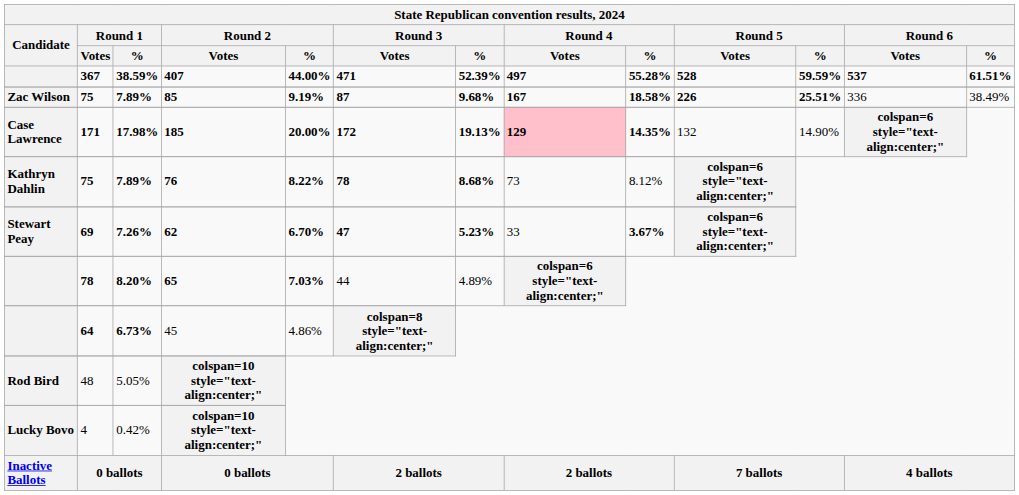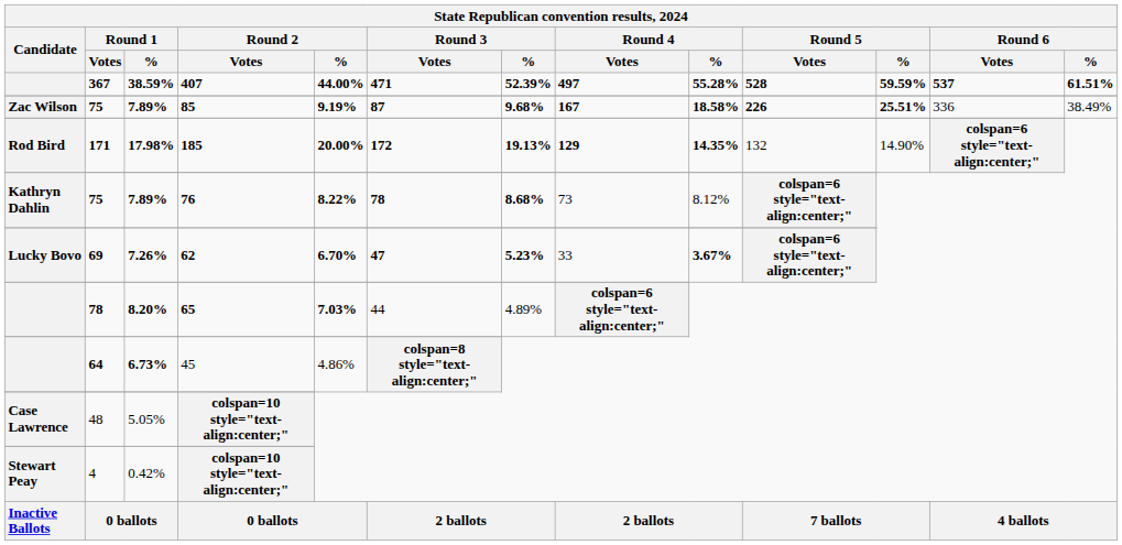 <table class="wikitable sortable">
 <tr>
 <th colspan="13">State Republican convention results, 2024</th>
 </tr>
 <tr style="background:#eee; text-align:center;">
 <th rowspan=2 style="text-align:center;">Candidate</th>
 <th colspan=2 style="text-align:center;">Round 1</th>
 <th colspan=2 style="text-align:center;">Round 2</th>
 <th colspan=2 style="text-align:center;">Round 3</th>
 <th colspan=2 style="text-align:center;">Round 4</th>
 <th colspan=2 style="text-align:center;">Round 5</th>
 <th colspan=2 style="text-align:center;">Round 6</th>
 </tr>
 <tr>
 <th>Votes</th>
 <th>%</th>
 <th>Votes</th>
 <th>%</th>
 <th>Votes</th>
 <th>%</th>
 <th>Votes</th>
 <th>%</th>
 <th>Votes</th>
 <th>%</th>
 <th>Votes</th>
 <th>%</th>
 </tr>
 <tr>
 <th scope="row" style="text-align:left;"></th>
 <td><strong>367</strong></td>
 <td><strong>38.59%</strong></td>
 <td><strong>407</strong></td>
 <td><strong>44.00%</strong></td>
 <td><strong>471</strong></td>
 <td><strong>52.39%</strong></td>
 <td><strong>497</strong></td>
 <td><strong>55.28%</strong></td>
 <td><strong>528</strong></td>
 <td><strong>59.59%</strong></td>
 <td><strong>537</strong></td>
 <td><strong>61.51%</strong></td>
 </tr>
 <tr>
 </tr>
 <tr>
 <th scope="row" style="text-align:left;">Zac Wilson</th>
 <td><strong>75</strong></td>
 <td><strong>7.89%</strong></td>
 <td><strong>85</strong></td>
 <td><strong>9.19%</strong></td>
 <td><strong>87</strong></td>
 <td><strong>9.68%</strong></td>
 <td><strong>167</strong></td>
 <td><strong>18.58%</strong></td>
 <td><strong>226</strong></td>
 <td><strong>25.51%</strong></td>
 <td>336</td>
 <td>38.49%</td>
 </tr>
 <tr>
 </tr>
 <tr>
-<th scope="row" style="text-align:left;">Case Lawrence</th>
+<th scope="row" style="text-align:left;">Rod Bird</th>
 <td><strong>171</strong></td>
 <td><strong>17.98%</strong></td>
 <td><strong>185</strong></td>
 <td><strong>20.00%</strong></td>
 <td><strong>172</strong></td>
 <td><strong>19.13%</strong></td>
-<td style="background: pink;"><strong>129</strong></td>
+<td><strong>129</strong></td>
 <td><strong>14.35%</strong></td>
 <td>132</td>
 <td>14.90%</td>
 <th>colspan=6 style="text-align:center;" </th>
 </tr>
 <tr>
 </tr>
 <tr>
 <th scope="row" style="text-align:left;">Kathryn Dahlin</th>
 <td><strong>75</strong></td>
 <td><strong>7.89%</strong></td>
 <td><strong>76</strong></td>
 <td><strong>8.22%</strong></td>
 <td><strong>78</strong></td>
 <td><strong>8.68%</strong></td>
 <td>73</td>
 <td>8.12%</td>
 <th>colspan=6 style="text-align:center;" </th>
 </tr>
 <tr>
 </tr>
 <tr>
-<th scope="row" style="text-align:left;">Stewart Peay</th>
+<th scope="row" style="text-align:left;">Lucky Bovo</th>
 <td><strong>69</strong></td>
 <td><strong>7.26%</strong></td>
 <td><strong>62</strong></td>
 <td><strong>6.70%</strong></td>
 <td><strong>47</strong></td>
 <td><strong>5.23%</strong></td>
 <td>33</td>
 <td><strong>3.67%</strong></td>
 <th>colspan=6 style="text-align:center;" </th>
 </tr>
 <tr>
 </tr>
 <tr>
 <th scope="row" style="text-align:left;"></th>
 <td><strong>78</strong></td>
 <td><strong>8.20%</strong></td>
 <td><strong>65</strong></td>
 <td><strong>7.03%</strong></td>
 <td>44</td>
 <td>4.89%</td>
 <th>colspan=6 style="text-align:center;" </th>
 </tr>
 <tr>
 </tr>
 <tr>
 <th scope="row" style="text-align:left;"></th>
 <td><strong>64</strong></td>
 <td><strong>6.73%</strong></td>
 <td>45</td>
 <td>4.86%</td>
 <th>colspan=8 style="text-align:center;" </th>
 </tr>
 <tr>
 </tr>
 <tr>
-<th scope="row" style="text-align:left;">Rod Bird</th>
+<th scope="row" style="text-align:left;">Case Lawrence</th>
 <td>48</td>
 <td>5.05%</td>
 <th>colspan=10 style="text-align:center;" </th>
 </tr>
 <tr>
 </tr>
 <tr>
-<th scope="row" style="text-align:left;">Lucky Bovo</th>
+<th scope="row" style="text-align:left;">Stewart Peay</th>
 <td>4</td>
 <td>0.42%</td>
 <th>colspan=10 style="text-align:center;" </th>
 </tr>
 <tr>
 <th scope="row" style="text-align:left;"><a href='#'>Inactive Ballots</a></th>
 <th colspan="2">0 ballots</th>
 <th colspan="2">0 ballots</th>
 <th colspan="2">2 ballots</th>
 <th colspan="2">2 ballots</th>
 <th colspan="2">7 ballots</th>
 <th colspan="2">4 ballots</th>
 </tr>
 </table>
